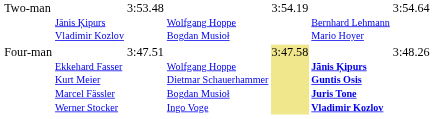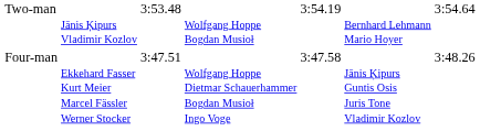 <table>
 <tr valign="top">
 <td>Two-man <br></td>
 <td><br> <small><a href='#'>Jānis Ķipurs</a><br><a href='#'>Vladimir Kozlov</a></small></td>
 <td>3:53.48</td>
 <td><br> <small><a href='#'>Wolfgang Hoppe</a><br><a href='#'>Bogdan Musioł</a></small></td>
 <td>3:54.19</td>
 <td><br> <small><a href='#'>Bernhard Lehmann</a><br><a href='#'>Mario Hoyer</a></small></td>
 <td>3:54.64</td>
 </tr>
 <tr valign="top">
 <td>Four-man <br></td>
 <td><br><small> <a href='#'>Ekkehard Fasser</a><br> <a href='#'>Kurt Meier</a> <br> <a href='#'>Marcel Fässler</a> <br> <a href='#'>Werner Stocker</a></small></td>
 <td>3:47.51</td>
 <td><br><small> <a href='#'>Wolfgang Hoppe</a> <br> <a href='#'>Dietmar Schauerhammer</a> <br> <a href='#'>Bogdan Musioł</a> <br>  <a href='#'>Ingo Voge</a></small></td>
-<td style="background: khaki;">3:47.58</td>
-<td><strong><br><small> <a href='#'>Jānis Ķipurs</a> <br> <a href='#'>Guntis Osis</a> <br> <a href='#'>Juris Tone</a> <br>  <a href='#'>Vladimir Kozlov</a></small></strong></td>
+<td>3:47.58</td>
+<td><br><small> <a href='#'>Jānis Ķipurs</a> <br> <a href='#'>Guntis Osis</a> <br> <a href='#'>Juris Tone</a> <br>  <a href='#'>Vladimir Kozlov</a></small></td>
 <td>3:48.26</td>
 </tr>
 </table>
